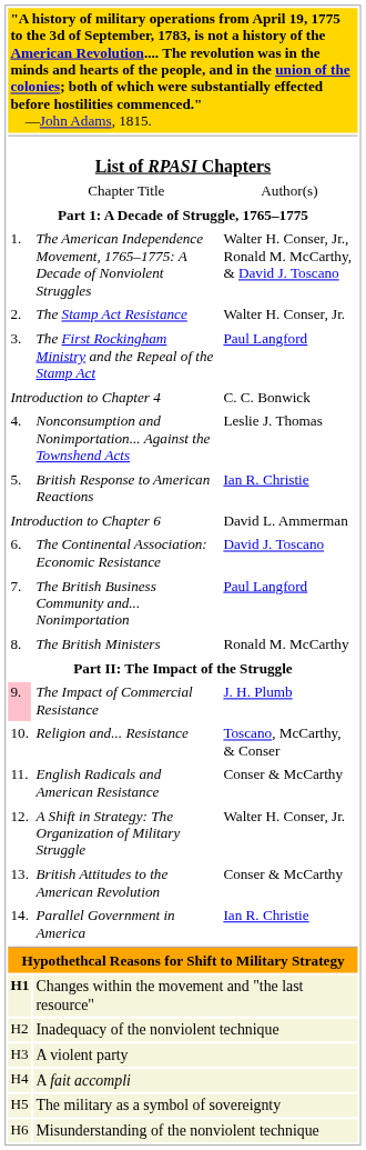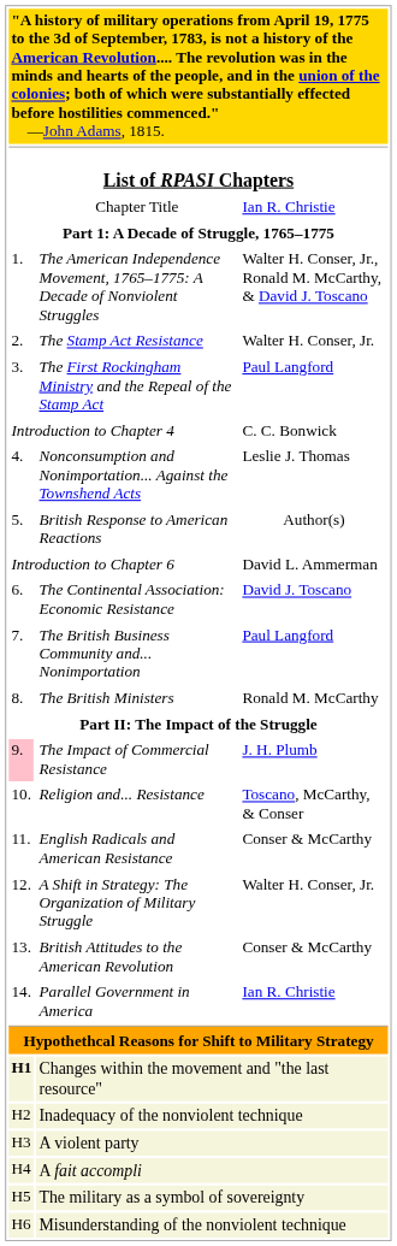 <table width=50%; style="float: right; border: 1px solid darkgray; margin: .46em; font-size: 80%;" border="0" cellpadding="2" cellspacing="2">
 <tr valign="top">
 <td colspan="3" align="left" style="background:gold;"><div><strong>"A history of military operations from April 19, 1775 to the 3d of September, 1783, is not a history of the <a href='#'>American Revolution</a>.... The revolution was in the minds and hearts of the people, and in the <a href='#'>union of the colonies</a>; both of which were substantially effected before hostilities commenced."</strong><br>    —<a href='#'>John Adams</a>, 1815.</div></td>
 </tr>
 <tr valign="top">
 <td colspan="3" align="center" style="border-top:1px solid darkgray;"> <br><strong><big><u>List of <em>RPASI</em> Chapters</u></big></strong></td>
 </tr>
 <tr valign="top">
 <td width="10"></td>
 <td width="200" align="center">Chapter Title</td>
-<td width="150" align="center">Author(s)</td>
+<td><a href='#'>Ian R. Christie</a></td>
 </tr>
 <tr valign="top">
 <td colspan="3" align="center"><strong>Part 1: A Decade of Struggle, 1765–1775</strong></td>
 </tr>
 <tr valign="top">
 <td>1.</td>
 <td><em>The American Independence Movement, 1765–1775: A Decade of Nonviolent Struggles</em></td>
 <td>Walter H. Conser, Jr., Ronald M. McCarthy, & <a href='#'>David J. Toscano</a></td>
 </tr>
 <tr valign="top">
 <td>2.</td>
 <td><em>The <a href='#'>Stamp Act Resistance</a></em></td>
 <td>Walter H. Conser, Jr.</td>
 </tr>
 <tr valign="top">
 <td>3.</td>
 <td><em>The <a href='#'>First Rockingham Ministry</a> and the Repeal of the <a href='#'>Stamp Act</a></em></td>
 <td><a href='#'>Paul Langford</a></td>
 </tr>
 <tr valign="top">
 <td colspan="2" align="left"><em>Introduction to Chapter 4</em></td>
 <td>C. C. Bonwick</td>
 </tr>
 <tr valign="top">
 <td>4.</td>
 <td><em>Nonconsumption and Nonimportation... Against the <a href='#'>Townshend Acts</a></em></td>
 <td>Leslie J. Thomas</td>
 </tr>
 <tr valign="top">
 <td>5.</td>
 <td><em>British Response to American Reactions</em></td>
-<td><a href='#'>Ian R. Christie</a></td>
+<td width="150" align="center">Author(s)</td>
 </tr>
 <tr valign="top">
 <td colspan="2" align="left"><em>Introduction to Chapter 6</em></td>
 <td>David L. Ammerman</td>
 </tr>
 <tr valign="top">
 <td>6.</td>
 <td><em>The Continental Association: Economic Resistance</em></td>
 <td><a href='#'>David J. Toscano</a></td>
 </tr>
 <tr valign="top">
 <td>7.</td>
 <td><em>The British Business Community and... Nonimportation</em></td>
 <td><a href='#'>Paul Langford</a></td>
 </tr>
 <tr valign="top">
 <td>8.</td>
 <td><em>The British Ministers</em></td>
 <td>Ronald M. McCarthy</td>
 </tr>
 <tr valign="top">
 <td colspan="3" align="center"><strong>Part II: The Impact of the Struggle</strong></td>
 </tr>
 <tr valign="top">
 <td style="background: pink;">9.</td>
 <td><em>The Impact of Commercial Resistance</em></td>
 <td><a href='#'>J. H. Plumb</a></td>
 </tr>
 <tr valign="top">
 <td>10.</td>
 <td><em>Religion and... Resistance</em></td>
 <td><a href='#'>Toscano</a>, McCarthy, & Conser</td>
 </tr>
 <tr valign="top">
 <td>11.</td>
 <td><em>English Radicals and American Resistance</em></td>
 <td>Conser & McCarthy</td>
 </tr>
 <tr valign="top">
 <td>12.</td>
 <td><em>A Shift in Strategy: The Organization of Military Struggle</em></td>
 <td>Walter H. Conser, Jr.</td>
 </tr>
 <tr valign="top">
 <td>13.</td>
 <td><em>British Attitudes to the American Revolution</em></td>
 <td>Conser & McCarthy</td>
 </tr>
 <tr valign="top">
 <td>14.</td>
 <td><em>Parallel Government in America</em></td>
 <td><a href='#'>Ian R. Christie</a></td>
 </tr>
 <tr valign="top">
 <td colspan="3" align="center" style="font-size: 100%; border-top:1px solid darkgray; background:orange;"><big>‍</big><strong>Hypothethcal Reasons for Shift to Military Strategy</strong></td>
 </tr>
 <tr valign="top" style="background: beige;">
 <td><strong>H1</strong></td>
 <td colspan="2" align="left" style="font-size: 105%;">Changes within the movement and "the last resource"</td>
 </tr>
 <tr valign="top" style="background: beige;">
 <td>H2</td>
 <td colspan="2" align="left" style="font-size: 105%;">Inadequacy of the nonviolent technique</td>
 </tr>
 <tr valign="top" style="background: beige;">
 <td>H3</td>
 <td colspan="2" align="left" style="font-size: 105%;">A violent party</td>
 </tr>
 <tr valign="top" style="background: beige;">
 <td>H4</td>
 <td colspan="2" align="left" style="font-size: 105%;">A <em>fait accompli</em></td>
 </tr>
 <tr valign="top" style="background: beige;">
 <td>H5</td>
 <td colspan="2" align="left" style="font-size: 105%;">The military as a symbol of sovereignty</td>
 </tr>
 <tr valign="top" style="background: beige;">
 <td>H6</td>
 <td colspan="2" align="left" style="font-size: 105%;">Misunderstanding of the nonviolent technique</td>
 </tr>
 </table>
